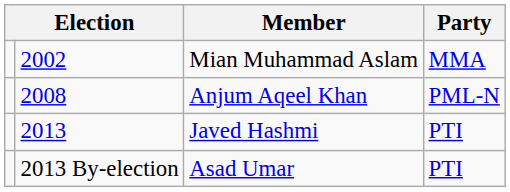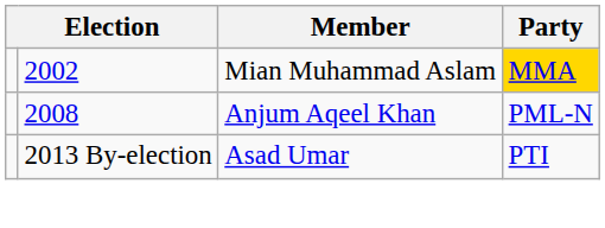 <table class="wikitable">
 <tr>
 <th colspan="2">Election</th>
 <th>Member</th>
 <th>Party</th>
 </tr>
 <tr>
 <td style="background-color: "></td>
 <td><a href='#'>2002</a></td>
 <td>Mian Muhammad Aslam</td>
-<td><a href='#'>MMA</a></td>
+<td style="background: gold;"><a href='#'>MMA</a></td>
 </tr>
 <tr>
 <td style="background-color: "></td>
 <td><a href='#'>2008</a></td>
 <td><a href='#'>Anjum Aqeel Khan</a></td>
 <td><a href='#'>PML-N</a></td>
 </tr>
 <tr>
 <td style="background-color: "></td>
-<td><a href='#'>2013</a></td>
-<td><a href='#'>Javed Hashmi</a></td>
-<td><a href='#'>PTI</a></td>
-</tr>
-<tr>
-<td style="background-color: "></td>
 <td>2013 By-election</td>
 <td><a href='#'>Asad Umar</a></td>
 <td><a href='#'>PTI</a></td>
 </tr>
 </table>
